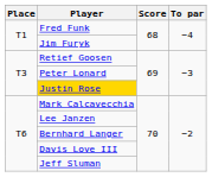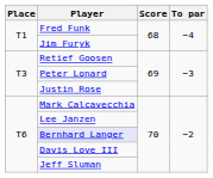 <table class="wikitable">
 <tr>
 <th>Place</th>
 <th>Player</th>
 <th>Score</th>
 <th>To par</th>
 </tr>
 <tr>
 <td rowspan="2" align=center>T1</td>
 <td> <a href='#'>Fred Funk</a></td>
 <td rowspan="2" align=center>68</td>
 <td rowspan="2" align=center>−4</td>
 </tr>
 <tr>
 <td> <a href='#'>Jim Furyk</a></td>
 </tr>
 <tr>
 <td rowspan="3" align=center>T3</td>
 <td> <a href='#'>Retief Goosen</a></td>
 <td rowspan="3" align=center>69</td>
 <td rowspan="3" align=center>−3</td>
 </tr>
 <tr>
 <td> <a href='#'>Peter Lonard</a></td>
 </tr>
 <tr>
-<td style="background: gold;"> <a href='#'>Justin Rose</a></td>
+<td> <a href='#'>Justin Rose</a></td>
 </tr>
 <tr>
 <td rowspan="5" align=center>T6</td>
 <td> <a href='#'>Mark Calcavecchia</a></td>
 <td rowspan="5" align=center>70</td>
 <td rowspan="5" align=center>−2</td>
 </tr>
 <tr>
 <td> <a href='#'>Lee Janzen</a></td>
 </tr>
 <tr>
-<td> <a href='#'>Bernhard Langer</a></td>
+<td style="background: lavender;"> <a href='#'>Bernhard Langer</a></td>
 </tr>
 <tr>
 <td> <a href='#'>Davis Love III</a></td>
 </tr>
 <tr>
 <td> <a href='#'>Jeff Sluman</a></td>
 </tr>
 </table>
